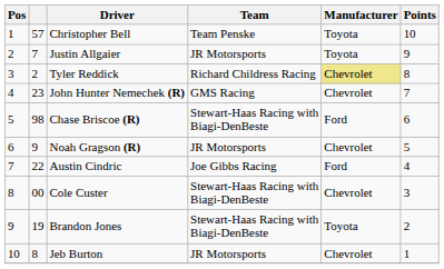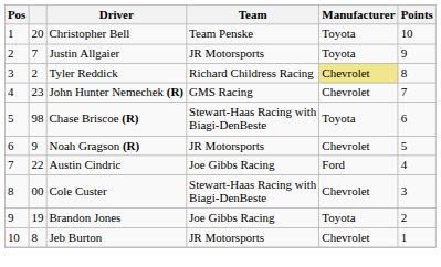 <table class="wikitable" style="font-size:98%">
 <tr>
 <th>Pos</th>
 <th></th>
 <th>Driver</th>
 <th>Team</th>
 <th>Manufacturer</th>
 <th>Points</th>
 </tr>
 <tr>
 <td>1</td>
-<td>57</td>
+<td>20</td>
 <td>Christopher Bell</td>
 <td>Team Penske</td>
 <td>Toyota</td>
 <td>10</td>
 </tr>
 <tr>
 <td>2</td>
 <td>7</td>
 <td>Justin Allgaier</td>
 <td>JR Motorsports</td>
 <td>Toyota</td>
 <td>9</td>
 </tr>
 <tr>
 <td>3</td>
 <td>2</td>
 <td>Tyler Reddick</td>
 <td>Richard Childress Racing</td>
 <td style="background: khaki;">Chevrolet</td>
 <td>8</td>
 </tr>
 <tr>
 <td>4</td>
 <td>23</td>
 <td>John Hunter Nemechek <strong>(R)</strong></td>
 <td>GMS Racing</td>
 <td>Chevrolet</td>
 <td>7</td>
 </tr>
 <tr>
 <td>5</td>
 <td>98</td>
 <td>Chase Briscoe <strong>(R)</strong></td>
 <td>Stewart-Haas Racing with<br>Biagi-DenBeste</td>
-<td>Ford</td>
+<td>Toyota</td>
 <td>6</td>
 </tr>
 <tr>
 <td>6</td>
 <td>9</td>
 <td>Noah Gragson <strong>(R)</strong></td>
 <td>JR Motorsports</td>
 <td>Chevrolet</td>
 <td>5</td>
 </tr>
 <tr>
 <td>7</td>
 <td>22</td>
 <td>Austin Cindric</td>
 <td>Joe Gibbs Racing</td>
 <td>Ford</td>
 <td>4</td>
 </tr>
 <tr>
 <td>8</td>
 <td>00</td>
 <td>Cole Custer</td>
 <td>Stewart-Haas Racing with<br>Biagi-DenBeste</td>
 <td>Chevrolet</td>
 <td>3</td>
 </tr>
 <tr>
 <td>9</td>
 <td>19</td>
 <td>Brandon Jones</td>
-<td>Stewart-Haas Racing with<br>Biagi-DenBeste</td>
+<td>Joe Gibbs Racing</td>
 <td>Toyota</td>
 <td>2</td>
 </tr>
 <tr>
 <td>10</td>
 <td>8</td>
 <td>Jeb Burton</td>
 <td>JR Motorsports</td>
 <td>Chevrolet</td>
 <td>1</td>
 </tr>
 <tr>
 </tr>
 </table>
